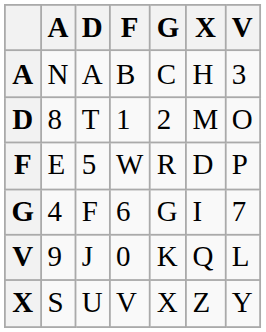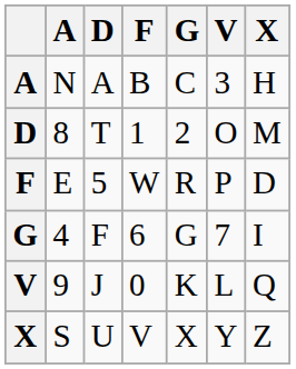 <table class="wikitable">
 <tr>
 <th></th>
 <th>A</th>
 <th>D</th>
 <th>F</th>
 <th>G</th>
+<th>V</th>
 <th>X</th>
-<th>V</th>
 </tr>
 <tr>
 <th>A</th>
 <td>N</td>
 <td>A</td>
 <td>B</td>
 <td>C</td>
+<td>3</td>
 <td>H</td>
-<td>3</td>
 </tr>
 <tr>
 <th>D</th>
 <td>8</td>
 <td>T</td>
 <td>1</td>
 <td>2</td>
+<td>O</td>
 <td>M</td>
-<td>O</td>
 </tr>
 <tr>
 <th>F</th>
 <td>E</td>
 <td>5</td>
 <td>W</td>
 <td>R</td>
+<td>P</td>
 <td>D</td>
-<td>P</td>
 </tr>
 <tr>
 <th>G</th>
 <td>4</td>
 <td>F</td>
 <td>6</td>
 <td>G</td>
+<td>7</td>
 <td>I</td>
-<td>7</td>
 </tr>
 <tr>
 <th>V</th>
 <td>9</td>
 <td>J</td>
 <td>0</td>
 <td>K</td>
+<td>L</td>
 <td>Q</td>
-<td>L</td>
 </tr>
 <tr>
 <th>X</th>
 <td>S</td>
 <td>U</td>
 <td>V</td>
 <td>X</td>
+<td>Y</td>
 <td>Z</td>
-<td>Y</td>
 </tr>
 </table>
